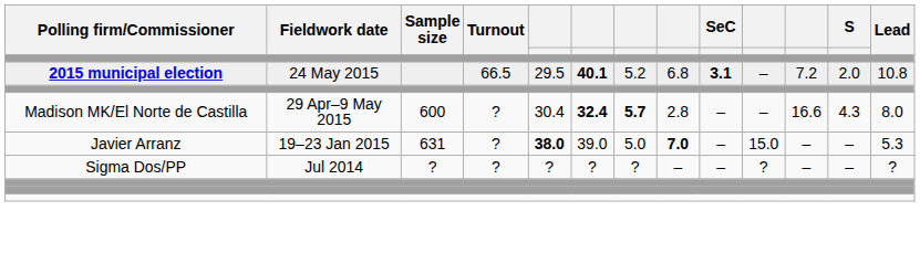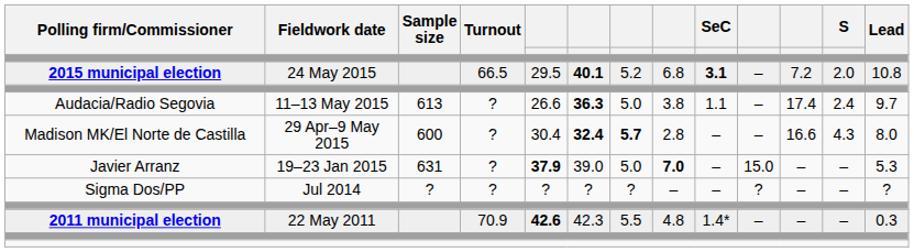 <table class="wikitable collapsible collapsed" style="text-align:center; font-size:95%; line-height:16px;">
 <tr style="height:42px;">
 <th style="width:250px;" rowspan="2">Polling firm/Commissioner</th>
 <th style="width:125px;" rowspan="2">Fieldwork date</th>
 <th style="width:50px;" rowspan="2">Sample size</th>
 <th style="width:45px;" rowspan="2">Turnout</th>
 <th style="width:35px;"></th>
 <th style="width:35px;"></th>
 <th style="width:35px;"></th>
 <th style="width:35px;"></th>
 <th style="width:35px;">SeC</th>
 <th style="width:35px;"></th>
 <th style="width:35px;"></th>
 <th style="width:35px;">S</th>
 <th style="width:30px;" rowspan="2">Lead</th>
 </tr>
 <tr>
 <th style="color:inherit;background:"></th>
 <th style="color:inherit;background:"></th>
 <th style="color:inherit;background:"></th>
 <th style="color:inherit;background:"></th>
 <th style="color:inherit;background:"></th>
 <th style="color:inherit;background:"></th>
 <th style="color:inherit;background:"></th>
 <th style="color:inherit;background:"></th>
 </tr>
 <tr>
 <td colspan="13" style="background:#A0A0A0"></td>
 </tr>
 <tr style="background:#EFEFEF;">
 <td><strong><a href='#'>2015 municipal election</a></strong></td>
 <td>24 May 2015</td>
 <td></td>
 <td>66.5</td>
 <td>29.5<br></td>
 <td><strong>40.1</strong><br></td>
 <td>5.2<br></td>
 <td>6.8<br></td>
 <td><strong>3.1<br></strong></td>
 <td>–</td>
 <td>7.2<br></td>
 <td>2.0<br></td>
 <td style="background:">10.8</td>
 </tr>
 <tr>
 <td colspan="13" style="background:#A0A0A0"></td>
 </tr>
 <tr>
+<td>Audacia/Radio Segovia</td>
+<td>11–13 May 2015</td>
+<td>613</td>
+<td>?</td>
+<td>26.6<br></td>
+<td><strong>36.3</strong><br></td>
+<td>5.0<br></td>
+<td>3.8<br></td>
+<td>1.1<br></td>
+<td>–</td>
+<td>17.4<br></td>
+<td>2.4<br></td>
+<td style="background:">9.7</td>
+</tr>
+<tr>
 <td>Madison MK/El Norte de Castilla</td>
 <td>29 Apr–9 May 2015</td>
 <td>600</td>
 <td>?</td>
 <td>30.4<br></td>
 <td><strong>32.4</strong><br></td>
 <td><strong>5.7<br></strong></td>
 <td>2.8<br></td>
 <td>–</td>
 <td>–</td>
 <td>16.6<br></td>
 <td>4.3<br></td>
 <td style="background:">8.0</td>
 </tr>
 <tr>
 <td>Javier Arranz</td>
 <td>19–23 Jan 2015</td>
 <td>631</td>
 <td>?</td>
-<td><strong>38.0</strong><br></td>
+<td><strong>37.9</strong><br></td>
 <td>39.0<br></td>
 <td>5.0<br></td>
 <td><strong>7.0<br></strong></td>
 <td>–</td>
 <td>15.0<br></td>
 <td>–</td>
 <td>–</td>
 <td style="background:">5.3</td>
 </tr>
 <tr>
 <td>Sigma Dos/PP</td>
 <td>Jul 2014</td>
 <td>?</td>
 <td>?</td>
 <td>?<br></td>
 <td>?<br></td>
 <td>?<br></td>
 <td>–</td>
 <td>–</td>
 <td>?<br></td>
 <td>–</td>
 <td>–</td>
 <td style="background:">?</td>
 </tr>
 <tr>
 <td colspan="13" style="background:#A0A0A0"></td>
 </tr>
+<tr style="background:#EFEFEF;">
+<td><strong><a href='#'>2011 municipal election</a></strong></td>
+<td>22 May 2011</td>
+<td></td>
+<td>70.9</td>
+<td><strong>42.6</strong><br></td>
+<td>42.3<br></td>
+<td>5.5<br></td>
+<td>4.8<br></td>
+<td>1.4*<br></td>
+<td>–</td>
+<td>–</td>
+<td>–</td>
+<td style="background:">0.3</td>
+</tr>
 <tr>
 <td colspan="13" style="background:#A0A0A0"></td>
 </tr>
 <tr>
 <td align="left" colspan="13"></td>
 </tr>
 </table>
